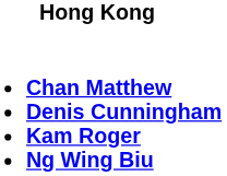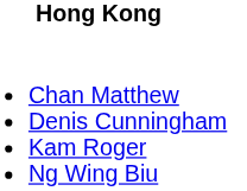 <table>
 <tr>
 <th>Hong Kong</th>
 </tr>
 <tr>
-<td><strong><br><ul><li><a href='#'>Chan Matthew</a></li><li><a href='#'>Denis Cunningham</a></li><li><a href='#'>Kam Roger</a></li><li><a href='#'>Ng Wing Biu</a></li></ul></strong></td>
+<td><br><ul><li><a href='#'>Chan Matthew</a></li><li><a href='#'>Denis Cunningham</a></li><li><a href='#'>Kam Roger</a></li><li><a href='#'>Ng Wing Biu</a></li></ul></td>
 </tr>
 </table>
